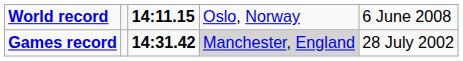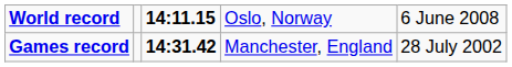 <table class="wikitable">
 <tr>
 <td><a href='#'><strong>World record</strong></a></td>
 <td></td>
 <td><strong>14:11.15</strong></td>
 <td><a href='#'>Oslo</a>, <a href='#'>Norway</a></td>
 <td>6 June 2008</td>
 </tr>
 <tr>
 <td><a href='#'><strong>Games record</strong></a></td>
 <td></td>
 <td><strong>14:31.42</strong></td>
-<td style="background: lightgrey;"><a href='#'>Manchester</a>, <a href='#'>England</a></td>
+<td><a href='#'>Manchester</a>, <a href='#'>England</a></td>
 <td>28 July 2002</td>
 </tr>
 </table>
